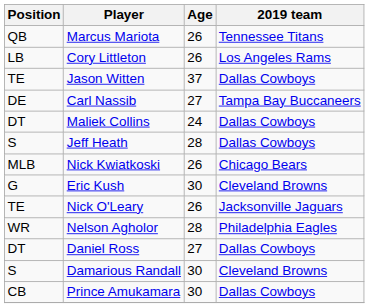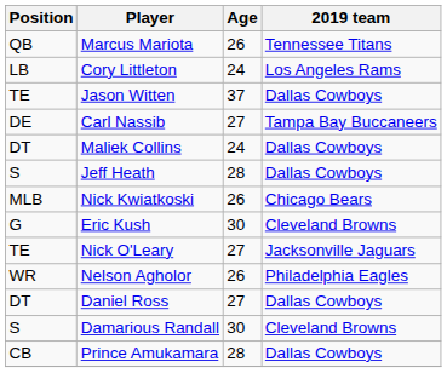 <table class="wikitable">
 <tr>
 <th>Position</th>
 <th>Player</th>
 <th>Age</th>
 <th>2019 team</th>
 </tr>
 <tr>
 <td>QB</td>
 <td><a href='#'>Marcus Mariota</a></td>
 <td>26</td>
 <td><a href='#'>Tennessee Titans</a></td>
 </tr>
 <tr>
 <td>LB</td>
 <td><a href='#'>Cory Littleton</a></td>
-<td>26</td>
+<td>24</td>
 <td><a href='#'>Los Angeles Rams</a></td>
 </tr>
 <tr>
 <td>TE</td>
 <td><a href='#'>Jason Witten</a></td>
 <td>37</td>
 <td><a href='#'>Dallas Cowboys</a></td>
 </tr>
 <tr>
 <td>DE</td>
 <td><a href='#'>Carl Nassib</a></td>
 <td>27</td>
 <td><a href='#'>Tampa Bay Buccaneers</a></td>
 </tr>
 <tr>
 <td>DT</td>
 <td><a href='#'>Maliek Collins</a></td>
 <td>24</td>
 <td><a href='#'>Dallas Cowboys</a></td>
 </tr>
 <tr>
 <td>S</td>
 <td><a href='#'>Jeff Heath</a></td>
 <td>28</td>
 <td><a href='#'>Dallas Cowboys</a></td>
 </tr>
 <tr>
 <td>MLB</td>
 <td><a href='#'>Nick Kwiatkoski</a></td>
 <td>26</td>
 <td><a href='#'>Chicago Bears</a></td>
 </tr>
 <tr>
 <td>G</td>
 <td><a href='#'>Eric Kush</a></td>
 <td>30</td>
 <td><a href='#'>Cleveland Browns</a></td>
 </tr>
 <tr>
 <td>TE</td>
 <td><a href='#'>Nick O'Leary</a></td>
-<td>26</td>
+<td>27</td>
 <td><a href='#'>Jacksonville Jaguars</a></td>
 </tr>
 <tr>
 <td>WR</td>
 <td><a href='#'>Nelson Agholor</a></td>
-<td>28</td>
+<td>26</td>
 <td><a href='#'>Philadelphia Eagles</a></td>
 </tr>
 <tr>
 <td>DT</td>
 <td><a href='#'>Daniel Ross</a></td>
 <td>27</td>
 <td><a href='#'>Dallas Cowboys</a></td>
 </tr>
 <tr>
 <td>S</td>
 <td><a href='#'>Damarious Randall</a></td>
 <td>30</td>
 <td><a href='#'>Cleveland Browns</a></td>
 </tr>
 <tr>
 <td>CB</td>
 <td><a href='#'>Prince Amukamara</a></td>
-<td>30</td>
+<td>28</td>
 <td><a href='#'>Dallas Cowboys</a></td>
 </tr>
 <tr>
 </tr>
 </table>
